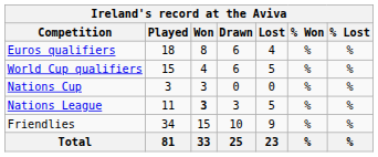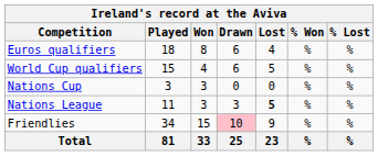 <table class="wikitable sortable" style="text-align:center">
 <tr>
 <th colspan=7>Ireland's record at the Aviva</th>
 </tr>
 <tr>
 <th>Competition</th>
 <th>Played</th>
 <th>Won</th>
 <th>Drawn</th>
 <th>Lost</th>
 <th>% Won</th>
 <th>% Lost</th>
 </tr>
 <tr>
 <td style="text-align:left;"><a href='#'>Euros qualifiers</a></td>
 <td>18</td>
 <td>8</td>
 <td>6</td>
 <td>4</td>
 <td>%</td>
 <td>%</td>
 </tr>
 <tr>
 <td style="text-align:left;"><a href='#'>World Cup qualifiers</a></td>
 <td>15</td>
 <td>4</td>
 <td>6</td>
 <td>5</td>
 <td>%</td>
 <td>%</td>
 </tr>
 <tr>
 <td style="text-align:left;"><a href='#'>Nations Cup</a></td>
 <td>3</td>
 <td>3</td>
 <td>0</td>
 <td>0</td>
 <td>%</td>
 <td>%</td>
 </tr>
 <tr>
 <td style="text-align:left;"><a href='#'>Nations League</a></td>
 <td>11</td>
-<td><strong>3</strong></td>
 <td>3</td>
-<td>5</td>
+<td>3</td>
+<td><strong>5</strong></td>
 <td>%</td>
 <td>%</td>
 </tr>
 <tr>
 <td style="text-align:left;">Friendlies</td>
 <td>34</td>
 <td>15</td>
-<td>10</td>
+<td style="background: pink;">10</td>
 <td>9</td>
 <td>%</td>
 <td>%</td>
 </tr>
 <tr>
 <th>Total</th>
 <th>81</th>
 <th>33</th>
 <th>25</th>
 <th>23</th>
 <th>%</th>
 <th>%</th>
 </tr>
 </table>
